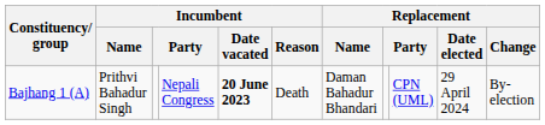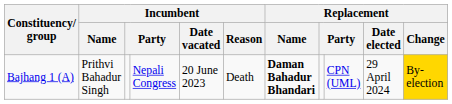 <table class="wikitable">
 <tr>
 <th rowspan="2">Constituency/ group</th>
 <th colspan="5">Incumbent</th>
 <th colspan="5">Replacement</th>
 </tr>
 <tr>
 <th>Name</th>
 <th colspan="2">Party</th>
 <th>Date vacated</th>
 <th>Reason</th>
 <th>Name</th>
 <th colspan="2">Party</th>
 <th>Date elected</th>
 <th>Change</th>
 </tr>
 <tr>
 <td><a href='#'>Bajhang 1 (A)</a></td>
 <td>Prithvi Bahadur Singh</td>
 <td></td>
 <td><a href='#'>Nepali Congress</a></td>
-<td><strong>20 June 2023</strong></td>
+<td>20 June 2023</td>
 <td>Death</td>
-<td>Daman Bahadur Bhandari</td>
+<td><strong>Daman Bahadur Bhandari</strong></td>
 <td></td>
 <td><a href='#'>CPN (UML)</a></td>
 <td>29 April 2024</td>
-<td>By-election</td>
+<td style="background: gold;">By-election</td>
 </tr>
 </table>
